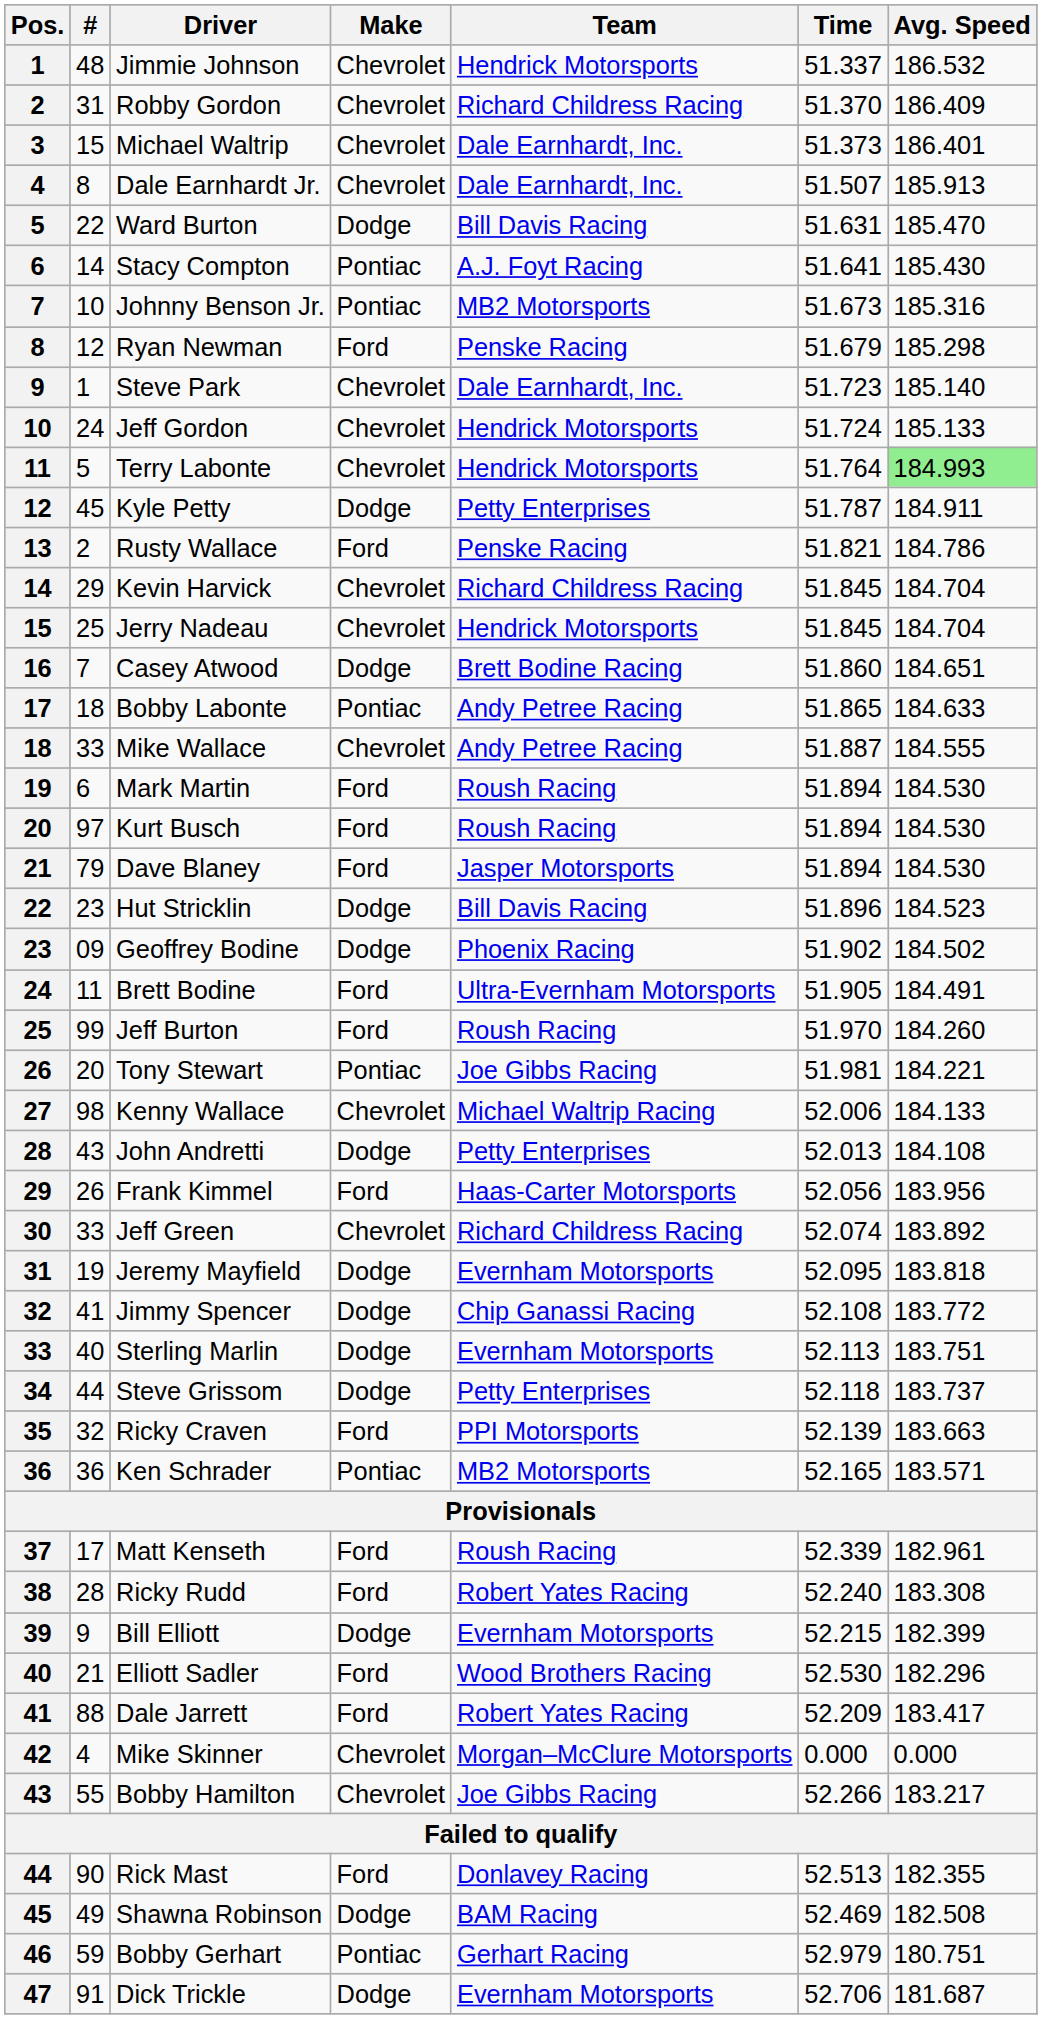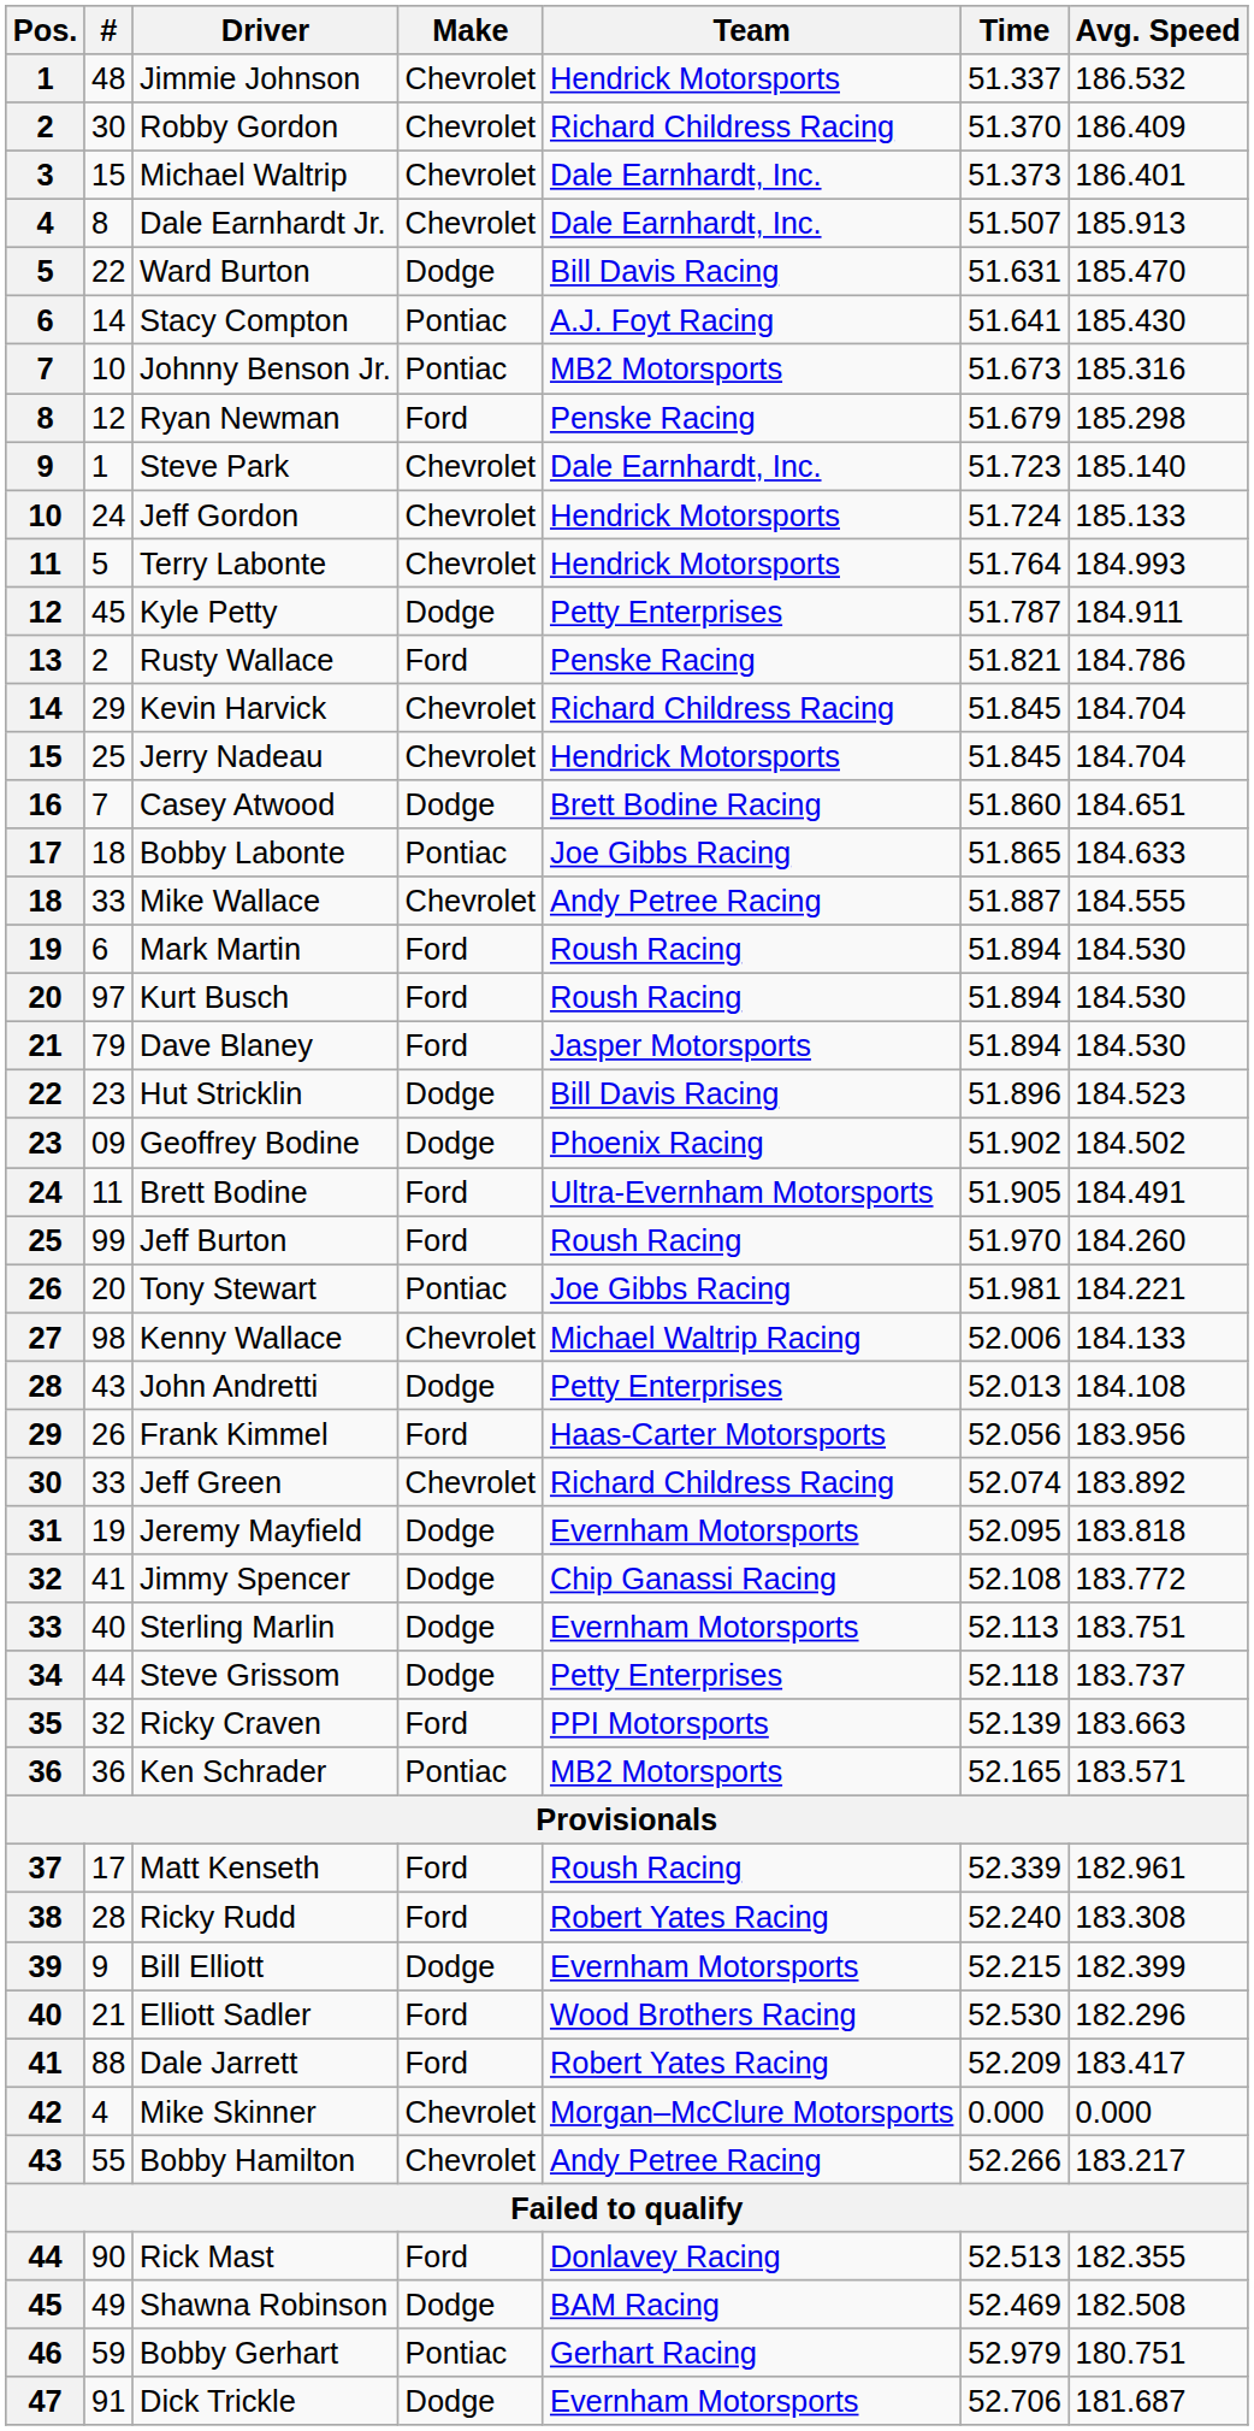 <table class="wikitable" style="font-size:95%">
 <tr>
 <th>Pos.</th>
 <th>#</th>
 <th>Driver</th>
 <th>Make</th>
 <th>Team</th>
 <th>Time</th>
 <th>Avg. Speed</th>
 </tr>
 <tr>
 <th>1</th>
 <td>48</td>
 <td>Jimmie Johnson</td>
 <td>Chevrolet</td>
 <td><a href='#'>Hendrick Motorsports</a></td>
 <td>51.337</td>
 <td>186.532</td>
 </tr>
 <tr>
 <th>2</th>
-<td>31</td>
+<td>30</td>
 <td>Robby Gordon</td>
 <td>Chevrolet</td>
 <td><a href='#'>Richard Childress Racing</a></td>
 <td>51.370</td>
 <td>186.409</td>
 </tr>
 <tr>
 <th>3</th>
 <td>15</td>
 <td>Michael Waltrip</td>
 <td>Chevrolet</td>
 <td><a href='#'>Dale Earnhardt, Inc.</a></td>
 <td>51.373</td>
 <td>186.401</td>
 </tr>
 <tr>
 <th>4</th>
 <td>8</td>
 <td>Dale Earnhardt Jr.</td>
 <td>Chevrolet</td>
 <td><a href='#'>Dale Earnhardt, Inc.</a></td>
 <td>51.507</td>
 <td>185.913</td>
 </tr>
 <tr>
 <th>5</th>
 <td>22</td>
 <td>Ward Burton</td>
 <td>Dodge</td>
 <td><a href='#'>Bill Davis Racing</a></td>
 <td>51.631</td>
 <td>185.470</td>
 </tr>
 <tr>
 <th>6</th>
 <td>14</td>
 <td>Stacy Compton</td>
 <td>Pontiac</td>
 <td><a href='#'>A.J. Foyt Racing</a></td>
 <td>51.641</td>
 <td>185.430</td>
 </tr>
 <tr>
 <th>7</th>
 <td>10</td>
 <td>Johnny Benson Jr.</td>
 <td>Pontiac</td>
 <td><a href='#'>MB2 Motorsports</a></td>
 <td>51.673</td>
 <td>185.316</td>
 </tr>
 <tr>
 <th>8</th>
 <td>12</td>
 <td>Ryan Newman</td>
 <td>Ford</td>
 <td><a href='#'>Penske Racing</a></td>
 <td>51.679</td>
 <td>185.298</td>
 </tr>
 <tr>
 <th>9</th>
 <td>1</td>
 <td>Steve Park</td>
 <td>Chevrolet</td>
 <td><a href='#'>Dale Earnhardt, Inc.</a></td>
 <td>51.723</td>
 <td>185.140</td>
 </tr>
 <tr>
 <th>10</th>
 <td>24</td>
 <td>Jeff Gordon</td>
 <td>Chevrolet</td>
 <td><a href='#'>Hendrick Motorsports</a></td>
 <td>51.724</td>
 <td>185.133</td>
 </tr>
 <tr>
 <th>11</th>
 <td>5</td>
 <td>Terry Labonte</td>
 <td>Chevrolet</td>
 <td><a href='#'>Hendrick Motorsports</a></td>
 <td>51.764</td>
-<td style="background: lightgreen;">184.993</td>
+<td>184.993</td>
 </tr>
 <tr>
 <th>12</th>
 <td>45</td>
 <td>Kyle Petty</td>
 <td>Dodge</td>
 <td><a href='#'>Petty Enterprises</a></td>
 <td>51.787</td>
 <td>184.911</td>
 </tr>
 <tr>
 <th>13</th>
 <td>2</td>
 <td>Rusty Wallace</td>
 <td>Ford</td>
 <td><a href='#'>Penske Racing</a></td>
 <td>51.821</td>
 <td>184.786</td>
 </tr>
 <tr>
 <th>14</th>
 <td>29</td>
 <td>Kevin Harvick</td>
 <td>Chevrolet</td>
 <td><a href='#'>Richard Childress Racing</a></td>
 <td>51.845</td>
 <td>184.704</td>
 </tr>
 <tr>
 <th>15</th>
 <td>25</td>
 <td>Jerry Nadeau</td>
 <td>Chevrolet</td>
 <td><a href='#'>Hendrick Motorsports</a></td>
 <td>51.845</td>
 <td>184.704</td>
 </tr>
 <tr>
 <th>16</th>
 <td>7</td>
 <td>Casey Atwood</td>
 <td>Dodge</td>
 <td><a href='#'>Brett Bodine Racing</a></td>
 <td>51.860</td>
 <td>184.651</td>
 </tr>
 <tr>
 <th>17</th>
 <td>18</td>
 <td>Bobby Labonte</td>
 <td>Pontiac</td>
-<td><a href='#'>Andy Petree Racing</a></td>
+<td><a href='#'>Joe Gibbs Racing</a></td>
 <td>51.865</td>
 <td>184.633</td>
 </tr>
 <tr>
 <th>18</th>
 <td>33</td>
 <td>Mike Wallace</td>
 <td>Chevrolet</td>
 <td><a href='#'>Andy Petree Racing</a></td>
 <td>51.887</td>
 <td>184.555</td>
 </tr>
 <tr>
 <th>19</th>
 <td>6</td>
 <td>Mark Martin</td>
 <td>Ford</td>
 <td><a href='#'>Roush Racing</a></td>
 <td>51.894</td>
 <td>184.530</td>
 </tr>
 <tr>
 <th>20</th>
 <td>97</td>
 <td>Kurt Busch</td>
 <td>Ford</td>
 <td><a href='#'>Roush Racing</a></td>
 <td>51.894</td>
 <td>184.530</td>
 </tr>
 <tr>
 <th>21</th>
 <td>79</td>
 <td>Dave Blaney</td>
 <td>Ford</td>
 <td><a href='#'>Jasper Motorsports</a></td>
 <td>51.894</td>
 <td>184.530</td>
 </tr>
 <tr>
 <th>22</th>
 <td>23</td>
 <td>Hut Stricklin</td>
 <td>Dodge</td>
 <td><a href='#'>Bill Davis Racing</a></td>
 <td>51.896</td>
 <td>184.523</td>
 </tr>
 <tr>
 <th>23</th>
 <td>09</td>
 <td>Geoffrey Bodine</td>
 <td>Dodge</td>
 <td><a href='#'>Phoenix Racing</a></td>
 <td>51.902</td>
 <td>184.502</td>
 </tr>
 <tr>
 <th>24</th>
 <td>11</td>
 <td>Brett Bodine</td>
 <td>Ford</td>
 <td><a href='#'>Ultra-Evernham Motorsports</a></td>
 <td>51.905</td>
 <td>184.491</td>
 </tr>
 <tr>
 <th>25</th>
 <td>99</td>
 <td>Jeff Burton</td>
 <td>Ford</td>
 <td><a href='#'>Roush Racing</a></td>
 <td>51.970</td>
 <td>184.260</td>
 </tr>
 <tr>
 <th>26</th>
 <td>20</td>
 <td>Tony Stewart</td>
 <td>Pontiac</td>
 <td><a href='#'>Joe Gibbs Racing</a></td>
 <td>51.981</td>
 <td>184.221</td>
 </tr>
 <tr>
 <th>27</th>
 <td>98</td>
 <td>Kenny Wallace</td>
 <td>Chevrolet</td>
 <td><a href='#'>Michael Waltrip Racing</a></td>
 <td>52.006</td>
 <td>184.133</td>
 </tr>
 <tr>
 <th>28</th>
 <td>43</td>
 <td>John Andretti</td>
 <td>Dodge</td>
 <td><a href='#'>Petty Enterprises</a></td>
 <td>52.013</td>
 <td>184.108</td>
 </tr>
 <tr>
 <th>29</th>
 <td>26</td>
 <td>Frank Kimmel</td>
 <td>Ford</td>
 <td><a href='#'>Haas-Carter Motorsports</a></td>
 <td>52.056</td>
 <td>183.956</td>
 </tr>
 <tr>
 <th>30</th>
 <td>33</td>
 <td>Jeff Green</td>
 <td>Chevrolet</td>
 <td><a href='#'>Richard Childress Racing</a></td>
 <td>52.074</td>
 <td>183.892</td>
 </tr>
 <tr>
 <th>31</th>
 <td>19</td>
 <td>Jeremy Mayfield</td>
 <td>Dodge</td>
 <td><a href='#'>Evernham Motorsports</a></td>
 <td>52.095</td>
 <td>183.818</td>
 </tr>
 <tr>
 <th>32</th>
 <td>41</td>
 <td>Jimmy Spencer</td>
 <td>Dodge</td>
 <td><a href='#'>Chip Ganassi Racing</a></td>
 <td>52.108</td>
 <td>183.772</td>
 </tr>
 <tr>
 <th>33</th>
 <td>40</td>
 <td>Sterling Marlin</td>
 <td>Dodge</td>
 <td><a href='#'>Evernham Motorsports</a></td>
 <td>52.113</td>
 <td>183.751</td>
 </tr>
 <tr>
 <th>34</th>
 <td>44</td>
 <td>Steve Grissom</td>
 <td>Dodge</td>
 <td><a href='#'>Petty Enterprises</a></td>
 <td>52.118</td>
 <td>183.737</td>
 </tr>
 <tr>
 <th>35</th>
 <td>32</td>
 <td>Ricky Craven</td>
 <td>Ford</td>
 <td><a href='#'>PPI Motorsports</a></td>
 <td>52.139</td>
 <td>183.663</td>
 </tr>
 <tr>
 <th>36</th>
 <td>36</td>
 <td>Ken Schrader</td>
 <td>Pontiac</td>
 <td><a href='#'>MB2 Motorsports</a></td>
 <td>52.165</td>
 <td>183.571</td>
 </tr>
 <tr>
 <th colspan="7">Provisionals</th>
 </tr>
 <tr>
 <th>37</th>
 <td>17</td>
 <td>Matt Kenseth</td>
 <td>Ford</td>
 <td><a href='#'>Roush Racing</a></td>
 <td>52.339</td>
 <td>182.961</td>
 </tr>
 <tr>
 <th>38</th>
 <td>28</td>
 <td>Ricky Rudd</td>
 <td>Ford</td>
 <td><a href='#'>Robert Yates Racing</a></td>
 <td>52.240</td>
 <td>183.308</td>
 </tr>
 <tr>
 <th>39</th>
 <td>9</td>
 <td>Bill Elliott</td>
 <td>Dodge</td>
 <td><a href='#'>Evernham Motorsports</a></td>
 <td>52.215</td>
 <td>182.399</td>
 </tr>
 <tr>
 <th>40</th>
 <td>21</td>
 <td>Elliott Sadler</td>
 <td>Ford</td>
 <td><a href='#'>Wood Brothers Racing</a></td>
 <td>52.530</td>
 <td>182.296</td>
 </tr>
 <tr>
 <th>41</th>
 <td>88</td>
 <td>Dale Jarrett</td>
 <td>Ford</td>
 <td><a href='#'>Robert Yates Racing</a></td>
 <td>52.209</td>
 <td>183.417</td>
 </tr>
 <tr>
 <th>42</th>
 <td>4</td>
 <td>Mike Skinner</td>
 <td>Chevrolet</td>
 <td><a href='#'>Morgan–McClure Motorsports</a></td>
 <td>0.000</td>
 <td>0.000</td>
 </tr>
 <tr>
 <th>43</th>
 <td>55</td>
 <td>Bobby Hamilton</td>
 <td>Chevrolet</td>
-<td><a href='#'>Joe Gibbs Racing</a></td>
+<td><a href='#'>Andy Petree Racing</a></td>
 <td>52.266</td>
 <td>183.217</td>
 </tr>
 <tr>
 <th colspan="7">Failed to qualify</th>
 </tr>
 <tr>
 <th>44</th>
 <td>90</td>
 <td>Rick Mast</td>
 <td>Ford</td>
 <td><a href='#'>Donlavey Racing</a></td>
 <td>52.513</td>
 <td>182.355</td>
 </tr>
 <tr>
 <th>45</th>
 <td>49</td>
 <td>Shawna Robinson</td>
 <td>Dodge</td>
 <td><a href='#'>BAM Racing</a></td>
 <td>52.469</td>
 <td>182.508</td>
 </tr>
 <tr>
 <th>46</th>
 <td>59</td>
 <td>Bobby Gerhart</td>
 <td>Pontiac</td>
 <td><a href='#'>Gerhart Racing</a></td>
 <td>52.979</td>
 <td>180.751</td>
 </tr>
 <tr>
 <th>47</th>
 <td>91</td>
 <td>Dick Trickle</td>
 <td>Dodge</td>
 <td><a href='#'>Evernham Motorsports</a></td>
 <td>52.706</td>
 <td>181.687</td>
 </tr>
 </table>
